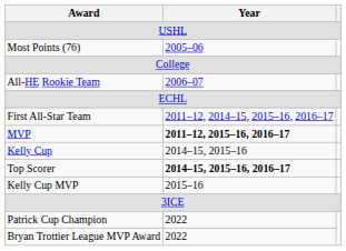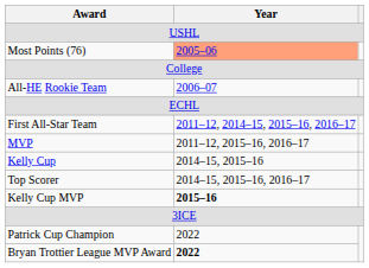 <table class="wikitable">
 <tr>
 <th>Award</th>
 <th>Year</th>
 <th></th>
 </tr>
 <tr ALIGN="center" bgcolor="#e0e0e0">
 <td colspan="3"><a href='#'>USHL</a></td>
 </tr>
 <tr>
 <td>Most Points (76)</td>
-<td><a href='#'>2005–06</a></td>
+<td style="background: lightsalmon;"><a href='#'>2005–06</a></td>
 <td></td>
 </tr>
 <tr ALIGN="center" bgcolor="#e0e0e0">
 <td colspan="3"><a href='#'>College</a></td>
 </tr>
 <tr>
 <td>All-<a href='#'>HE</a> <a href='#'>Rookie Team</a></td>
 <td><a href='#'>2006–07</a></td>
 <td></td>
 </tr>
 <tr ALIGN="center" bgcolor="#e0e0e0">
 <td colspan="3"><a href='#'>ECHL</a></td>
 </tr>
 <tr>
 <td>First All-Star Team</td>
 <td><a href='#'>2011–12</a>, <a href='#'>2014–15</a>, <a href='#'>2015–16</a>, <a href='#'>2016–17</a></td>
 <td></td>
 </tr>
 <tr>
 <td><a href='#'>MVP</a></td>
-<td><strong>2011–12, 2015–16, 2016–17</strong></td>
+<td>2011–12, 2015–16, 2016–17</td>
 <td></td>
 </tr>
 <tr>
 <td><a href='#'>Kelly Cup</a></td>
 <td>2014–15, 2015–16</td>
 <td></td>
 </tr>
 <tr>
 <td>Top Scorer</td>
-<td><strong>2014–15, 2015–16, 2016–17</strong></td>
+<td>2014–15, 2015–16, 2016–17</td>
 <td></td>
 </tr>
 <tr>
 <td>Kelly Cup MVP</td>
-<td>2015–16</td>
+<td><strong>2015–16</strong></td>
 <td></td>
 </tr>
 <tr ALIGN="center" bgcolor="#e0e0e0">
 <td colspan="3"><a href='#'>3ICE</a></td>
 </tr>
 <tr>
 <td>Patrick Cup Champion</td>
 <td>2022</td>
 </tr>
 <tr>
 <td>Bryan Trottier League MVP Award</td>
-<td>2022</td>
+<td><strong>2022</strong></td>
 </tr>
 </table>
